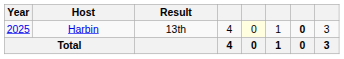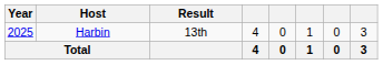 <table class="wikitable" style="text-align:center">
 <tr>
 <th width=30>Year</th>
 <th width=150>Host</th>
 <th width=120>Result</th>
 <th width=30></th>
 <th width=30></th>
 <th width=30></th>
 <th width=30></th>
 <th width=30></th>
 </tr>
 <tr>
 <td><a href='#'>2025</a></td>
 <td> <a href='#'>Harbin</a></td>
 <td>13th</td>
 <td>4</td>
-<td style="background: lightyellow;">0</td>
+<td>0</td>
 <td>1</td>
-<td><strong>0</strong></td>
+<td>0</td>
 <td>3</td>
 </tr>
 <tr>
 <th colspan=2>Total</th>
 <th></th>
 <th>4</th>
 <th>0</th>
 <th>1</th>
 <th>0</th>
 <th>3</th>
 </tr>
 </table>
